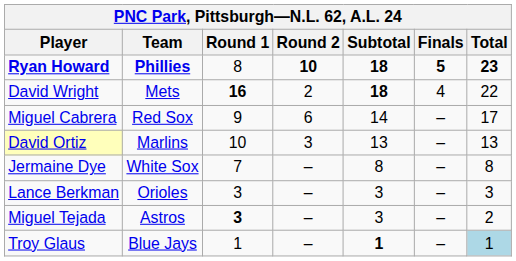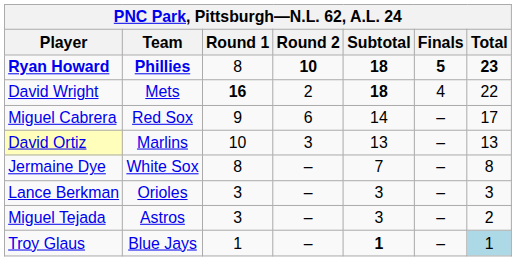 <table class="wikitable" style="text-align:center;">
 <tr>
 <th colspan="7"><a href='#'>PNC Park</a>, Pittsburgh—N.L. 62, A.L. 24</th>
 </tr>
 <tr>
 <th>Player</th>
 <th>Team</th>
 <th>Round 1</th>
 <th>Round 2</th>
 <th>Subtotal</th>
 <th>Finals</th>
 <th>Total</th>
 </tr>
 <tr>
 <td align="left"><strong><a href='#'>Ryan Howard</a></strong></td>
 <td><strong><a href='#'>Phillies</a></strong></td>
 <td>8</td>
 <td><strong>10</strong></td>
 <td><strong>18</strong></td>
 <td><strong>5</strong></td>
 <td><strong>23</strong></td>
 </tr>
 <tr>
 <td align="left"><a href='#'>David Wright</a></td>
 <td><a href='#'>Mets</a></td>
 <td><strong>16</strong></td>
 <td>2</td>
 <td><strong>18</strong></td>
 <td>4</td>
 <td>22</td>
 </tr>
 <tr>
 <td align="left"><a href='#'>Miguel Cabrera</a></td>
 <td><a href='#'>Red Sox</a></td>
 <td>9</td>
 <td>6</td>
 <td>14</td>
 <td>–</td>
 <td>17</td>
 </tr>
 <tr>
 <td align="left" style="background:#ffb"><a href='#'>David Ortiz</a></td>
 <td><a href='#'>Marlins</a></td>
 <td>10</td>
 <td>3</td>
 <td>13</td>
 <td>–</td>
 <td>13</td>
 </tr>
 <tr>
 <td align="left"><a href='#'>Jermaine Dye</a></td>
 <td><a href='#'>White Sox</a></td>
+<td>8</td>
+<td>–</td>
 <td>7</td>
-<td>–</td>
-<td>8</td>
 <td>–</td>
 <td>8</td>
 </tr>
 <tr>
 <td align="left"><a href='#'>Lance Berkman</a></td>
 <td><a href='#'>Orioles</a></td>
 <td>3</td>
 <td>–</td>
 <td>3</td>
 <td>–</td>
 <td>3</td>
 </tr>
 <tr>
 <td align="left"><a href='#'>Miguel Tejada</a></td>
 <td><a href='#'>Astros</a></td>
-<td><strong>3</strong></td>
+<td>3</td>
 <td>–</td>
 <td>3</td>
 <td>–</td>
 <td>2</td>
 </tr>
 <tr>
 <td align="left"><a href='#'>Troy Glaus</a></td>
 <td><a href='#'>Blue Jays</a></td>
 <td>1</td>
 <td>–</td>
 <td><strong>1</strong></td>
 <td>–</td>
 <td style="background: lightblue;">1</td>
 </tr>
 </table>
